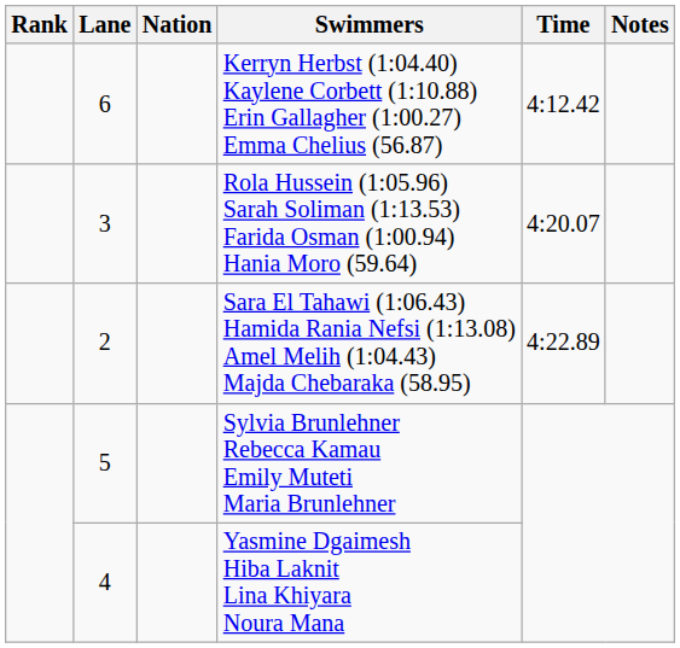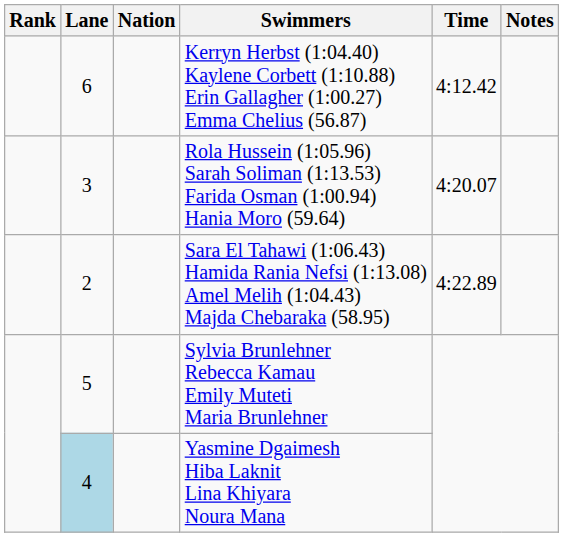 <table class="wikitable sortable" style="text-align:center">
 <tr>
 <th>Rank</th>
 <th>Lane</th>
 <th>Nation</th>
 <th>Swimmers</th>
 <th>Time</th>
 <th>Notes</th>
 </tr>
 <tr>
 <td></td>
 <td>6</td>
 <td align=left></td>
 <td align=left><a href='#'>Kerryn Herbst</a> (1:04.40)<br><a href='#'>Kaylene Corbett</a> (1:10.88)<br><a href='#'>Erin Gallagher</a> (1:00.27)<br><a href='#'>Emma Chelius</a> (56.87)</td>
 <td>4:12.42</td>
 <td></td>
 </tr>
 <tr>
 <td></td>
 <td>3</td>
 <td align=left></td>
 <td align=left><a href='#'>Rola Hussein</a> (1:05.96)<br><a href='#'>Sarah Soliman</a> (1:13.53)<br><a href='#'>Farida Osman</a> (1:00.94)<br><a href='#'>Hania Moro</a> (59.64)</td>
 <td>4:20.07</td>
 <td></td>
 </tr>
 <tr>
 <td></td>
 <td>2</td>
 <td align="left"></td>
 <td align=left><a href='#'>Sara El Tahawi</a> (1:06.43)<br><a href='#'>Hamida Rania Nefsi</a> (1:13.08)<br><a href='#'>Amel Melih</a> (1:04.43)<br><a href='#'>Majda Chebaraka</a> (58.95)</td>
 <td>4:22.89</td>
 <td></td>
 </tr>
 <tr>
 <td rowspan=2></td>
 <td>5</td>
 <td align="left"></td>
 <td align=left><a href='#'>Sylvia Brunlehner</a><br><a href='#'>Rebecca Kamau</a><br><a href='#'>Emily Muteti</a><br><a href='#'>Maria Brunlehner</a></td>
 <td colspan=2 rowspan=2></td>
 </tr>
 <tr>
-<td>4</td>
+<td style="background: lightblue;">4</td>
 <td align="left"></td>
 <td align=left><a href='#'>Yasmine Dgaimesh</a><br><a href='#'>Hiba Laknit</a><br><a href='#'>Lina Khiyara</a><br><a href='#'>Noura Mana</a></td>
 </tr>
 </table>
